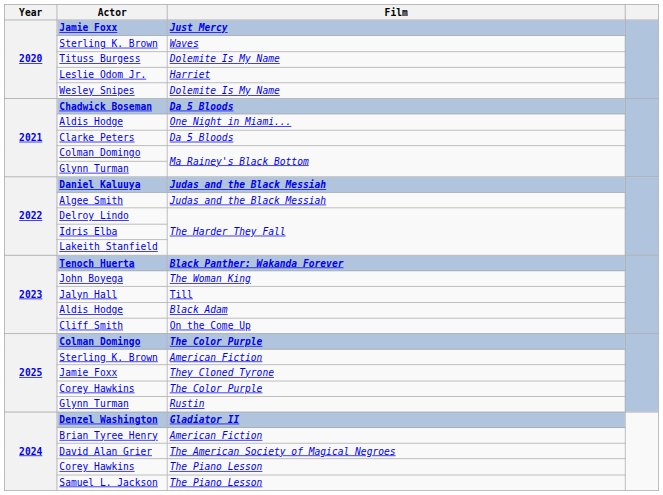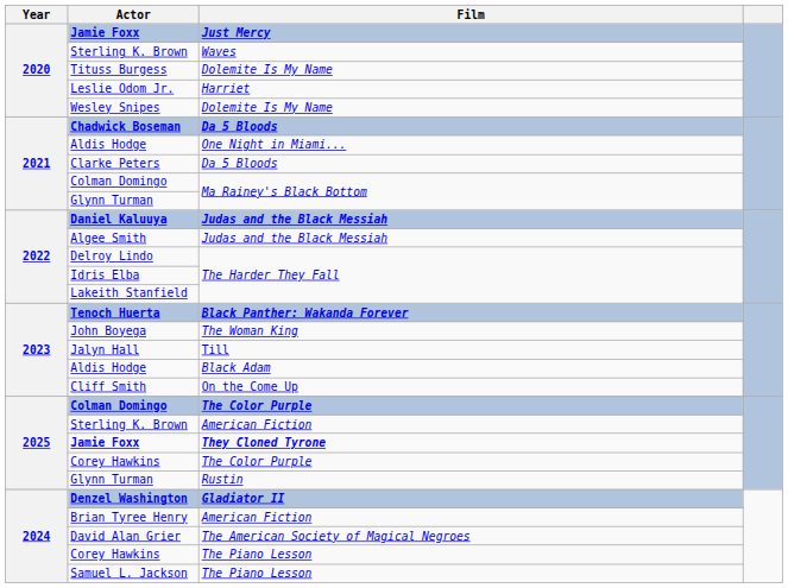 <table class="wikitable" style="width:70%;">
 <tr style="background:#bebebe;">
 <th scope="col" style="width:5em;">Year</th>
 <th scope="col" style="width:11em;">Actor</th>
 <th scope="col">Film</th>
 <th scope="col" style="width:3em;"></th>
 </tr>
 <tr style="background:#B0C4DE; font-weight:bold;">
 <th scope="row" rowspan="5"><a href='#'>2020</a></th>
 <td><a href='#'>Jamie Foxx</a></td>
 <td><em><a href='#'>Just Mercy</a></em></td>
 <td rowspan="5" style="text-align:center;"></td>
 </tr>
 <tr>
 <td><a href='#'>Sterling K. Brown</a></td>
 <td><em><a href='#'>Waves</a></em></td>
 </tr>
 <tr>
 <td><a href='#'>Tituss Burgess</a></td>
 <td><em><a href='#'>Dolemite Is My Name</a></em></td>
 </tr>
 <tr>
 <td><a href='#'>Leslie Odom Jr.</a></td>
 <td><em><a href='#'>Harriet</a></em></td>
 </tr>
 <tr>
 <td><a href='#'>Wesley Snipes</a></td>
 <td><em><a href='#'>Dolemite Is My Name</a></em></td>
 </tr>
 <tr style="background:#B0C4DE; font-weight:bold;">
 <th scope="row" rowspan="5"><a href='#'>2021</a></th>
 <td><a href='#'>Chadwick Boseman</a></td>
 <td><em><a href='#'>Da 5 Bloods</a></em></td>
 <td rowspan="5" style="text-align:center;"></td>
 </tr>
 <tr>
 <td><a href='#'>Aldis Hodge</a></td>
 <td><em><a href='#'>One Night in Miami...</a></em></td>
 </tr>
 <tr>
 <td><a href='#'>Clarke Peters</a></td>
 <td><em><a href='#'>Da 5 Bloods</a></em></td>
 </tr>
 <tr>
 <td><a href='#'>Colman Domingo</a></td>
 <td rowspan=2><em><a href='#'>Ma Rainey's Black Bottom</a></em></td>
 </tr>
 <tr>
 <td><a href='#'>Glynn Turman</a></td>
 </tr>
 <tr style="background:#B0C4DE; font-weight:bold;">
 <th scope="row" rowspan="5"><a href='#'>2022</a></th>
 <td><a href='#'>Daniel Kaluuya</a></td>
 <td><em><a href='#'>Judas and the Black Messiah</a></em></td>
 <td rowspan="5" style="text-align:center;"></td>
 </tr>
 <tr>
 <td><a href='#'>Algee Smith</a></td>
 <td><em><a href='#'>Judas and the Black Messiah</a></em></td>
 </tr>
 <tr>
 <td><a href='#'>Delroy Lindo</a></td>
 <td rowspan=3><em><a href='#'>The Harder They Fall</a></em></td>
 </tr>
 <tr>
 <td><a href='#'>Idris Elba</a></td>
 </tr>
 <tr>
 <td><a href='#'>Lakeith Stanfield</a></td>
 </tr>
 <tr style="background:#B0C4DE; font-weight:bold;">
 <th rowspan="5" scope="row"><a href='#'>2023</a></th>
 <td><a href='#'>Tenoch Huerta</a></td>
 <td><em><a href='#'>Black Panther: Wakanda Forever</a></em></td>
 <td rowspan="5"></td>
 </tr>
 <tr>
 <td><a href='#'>John Boyega</a></td>
 <td><em><a href='#'>The Woman King</a></em></td>
 </tr>
 <tr>
 <td><a href='#'>Jalyn Hall</a></td>
 <td><em><a href='#'></em>Till<em></a></em></td>
 </tr>
 <tr>
 <td><a href='#'>Aldis Hodge</a></td>
 <td><a href='#'><em>Black Adam</em></a></td>
 </tr>
 <tr>
 <td><a href='#'>Cliff Smith</a></td>
 <td><em><a href='#'></em>On the Come Up<em></a></em></td>
 </tr>
 <tr style="background:#B0C4DE; font-weight:bold;">
 <th rowspan="5" scope="row"><a href='#'>2025</a></th>
 <td><a href='#'>Colman Domingo</a></td>
 <td><em><a href='#'>The Color Purple</a></em></td>
 <td rowspan="5"></td>
 </tr>
 <tr>
 <td><a href='#'>Sterling K. Brown</a></td>
 <td><em><a href='#'>American Fiction</a></em></td>
 </tr>
 <tr>
-<td><a href='#'>Jamie Foxx</a></td>
-<td><em><a href='#'>They Cloned Tyrone</a></em></td>
+<td><strong><a href='#'>Jamie Foxx</a></strong></td>
+<td><strong><em><a href='#'>They Cloned Tyrone</a></em></strong></td>
 </tr>
 <tr>
 <td><a href='#'>Corey Hawkins</a></td>
 <td><em><a href='#'>The Color Purple</a></em></td>
 </tr>
 <tr>
 <td><a href='#'>Glynn Turman</a></td>
 <td><em><a href='#'>Rustin</a></em></td>
 </tr>
 <tr style="background:#B0C4DE; font-weight:bold;">
 <th rowspan="5" scope="row"><a href='#'>2024</a></th>
 <td><a href='#'>Denzel Washington</a></td>
 <td><em><a href='#'>Gladiator II</a></em></td>
 </tr>
 <tr>
 <td><a href='#'>Brian Tyree Henry</a></td>
 <td><em><a href='#'>American Fiction</a></em></td>
 </tr>
 <tr>
 <td><a href='#'>David Alan Grier</a></td>
 <td><em><a href='#'>The American Society of Magical Negroes</a></em></td>
 </tr>
 <tr>
 <td><a href='#'>Corey Hawkins</a></td>
 <td><em><a href='#'>The Piano Lesson</a></em></td>
 </tr>
 <tr>
 <td><a href='#'>Samuel L. Jackson</a></td>
 <td><em><a href='#'>The Piano Lesson</a></em></td>
 </tr>
 </table>
